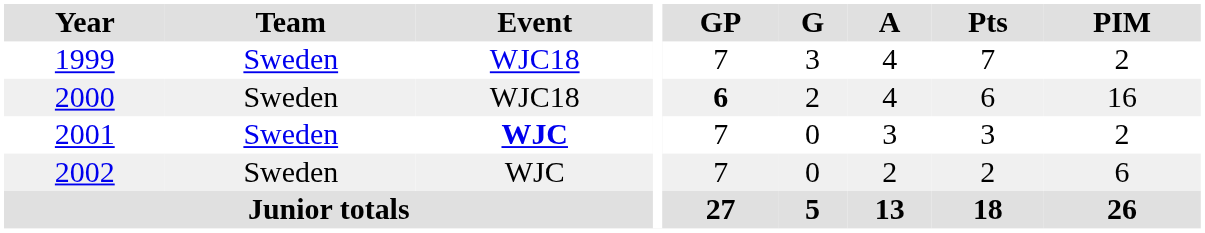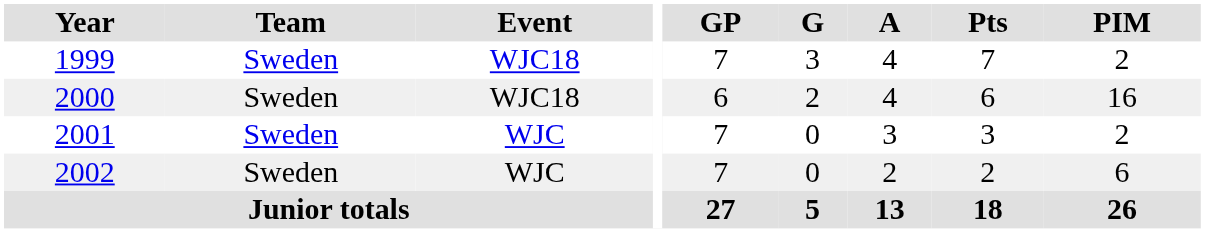 <table border="0" cellpadding="1" cellspacing="0" ID="Table3" style="text-align:center; width:40em">
 <tr ALIGN="center" bgcolor="#e0e0e0">
 <th>Year</th>
 <th>Team</th>
 <th>Event</th>
 <th rowspan="99" bgcolor="#ffffff"></th>
 <th>GP</th>
 <th>G</th>
 <th>A</th>
 <th>Pts</th>
 <th>PIM</th>
 </tr>
 <tr>
 <td><a href='#'>1999</a></td>
 <td><a href='#'>Sweden</a></td>
 <td><a href='#'>WJC18</a></td>
 <td>7</td>
 <td>3</td>
 <td>4</td>
 <td>7</td>
 <td>2</td>
 </tr>
 <tr bgcolor="#f0f0f0">
 <td><a href='#'>2000</a></td>
 <td>Sweden</td>
 <td>WJC18</td>
-<td><strong>6</strong></td>
+<td>6</td>
 <td>2</td>
 <td>4</td>
 <td>6</td>
 <td>16</td>
 </tr>
 <tr>
 <td><a href='#'>2001</a></td>
 <td><a href='#'>Sweden</a></td>
-<td><strong><a href='#'>WJC</a></strong></td>
+<td><a href='#'>WJC</a></td>
 <td>7</td>
 <td>0</td>
 <td>3</td>
 <td>3</td>
 <td>2</td>
 </tr>
 <tr bgcolor="#f0f0f0">
 <td><a href='#'>2002</a></td>
 <td>Sweden</td>
 <td>WJC</td>
 <td>7</td>
 <td>0</td>
 <td>2</td>
 <td>2</td>
 <td>6</td>
 </tr>
 <tr bgcolor="#e0e0e0">
 <th colspan="3">Junior totals</th>
 <th>27</th>
 <th>5</th>
 <th>13</th>
 <th>18</th>
 <th>26</th>
 </tr>
 </table>
